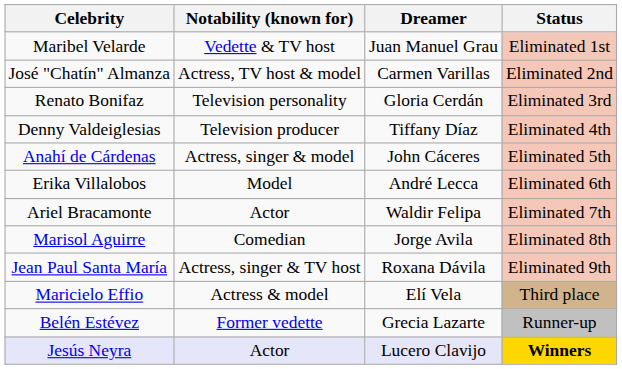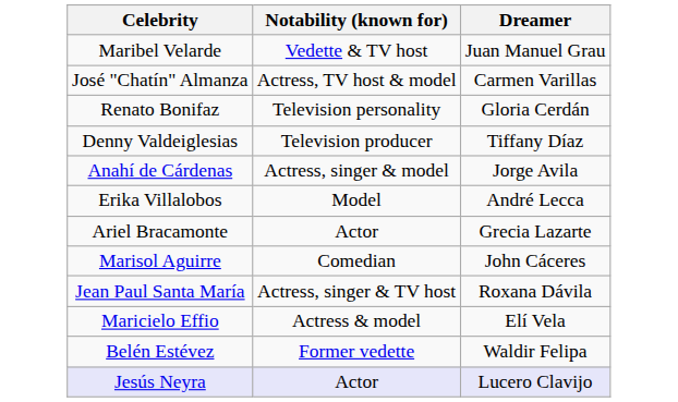 <table class= "wikitable sortable" style="text-align: center; margin:auto; align: center">
 <tr>
 <th>Celebrity</th>
 <th>Notability (known for)</th>
 <th>Dreamer</th>
-<th>Status</th>
 </tr>
 <tr>
 <td>Maribel Velarde</td>
 <td><a href='#'>Vedette</a> & TV host</td>
 <td>Juan Manuel Grau</td>
-<td style="background:#f4c7b8;">Eliminated 1st<br></td>
 </tr>
 <tr>
 <td>José "Chatín" Almanza</td>
 <td>Actress, TV host & model</td>
 <td>Carmen Varillas</td>
-<td style="background:#f4c7b8;">Eliminated 2nd<br></td>
 </tr>
 <tr>
 <td>Renato Bonifaz</td>
 <td>Television personality</td>
 <td>Gloria Cerdán</td>
-<td style="background:#f4c7b8;">Eliminated 3rd<br></td>
 </tr>
 <tr>
 <td>Denny Valdeiglesias</td>
 <td>Television producer</td>
 <td>Tiffany Díaz</td>
-<td style="background:#f4c7b8;">Eliminated 4th<br></td>
 </tr>
 <tr>
 <td><a href='#'>Anahí de Cárdenas</a></td>
 <td>Actress, singer & model</td>
-<td>John Cáceres</td>
-<td style="background:#f4c7b8;">Eliminated 5th<br></td>
+<td>Jorge Avila</td>
 </tr>
 <tr>
 <td>Erika Villalobos</td>
 <td>Model</td>
 <td>André Lecca</td>
-<td style="background:#f4c7b8;">Eliminated 6th<br></td>
 </tr>
 <tr>
 <td>Ariel Bracamonte</td>
 <td>Actor</td>
-<td>Waldir Felipa</td>
-<td style="background:#f4c7b8;">Eliminated 7th<br></td>
+<td>Grecia Lazarte</td>
 </tr>
 <tr>
 <td><a href='#'>Marisol Aguirre</a></td>
 <td>Comedian</td>
-<td>Jorge Avila</td>
-<td style="background:#f4c7b8;">Eliminated 8th<br></td>
+<td>John Cáceres</td>
 </tr>
 <tr>
 <td><a href='#'>Jean Paul Santa María</a></td>
 <td>Actress, singer & TV host</td>
 <td>Roxana Dávila</td>
-<td style="background:#f4c7b8;">Eliminated 9th<br></td>
 </tr>
 <tr>
 <td><a href='#'>Maricielo Effio</a></td>
 <td>Actress & model</td>
 <td>Elí Vela</td>
-<td style="background:tan;">Third place<br></td>
 </tr>
 <tr>
 <td><a href='#'>Belén Estévez</a></td>
 <td><a href='#'>Former vedette</a></td>
-<td>Grecia Lazarte</td>
-<td style="background:silver;">Runner-up<br></td>
+<td>Waldir Felipa</td>
 </tr>
 <tr>
 <td bgcolor=lavender><a href='#'>Jesús Neyra</a></td>
 <td bgcolor=lavender>Actor</td>
 <td bgcolor=lavender>Lucero Clavijo</td>
-<td style="background:gold;"><strong>Winners</strong><br></td>
 </tr>
 </table>
